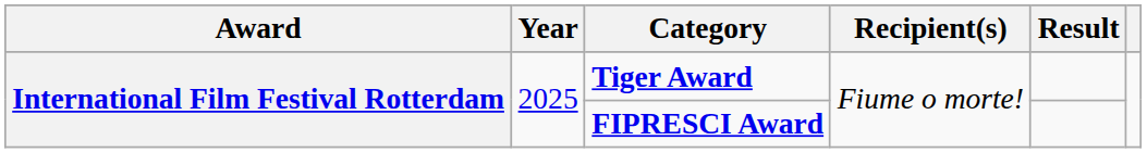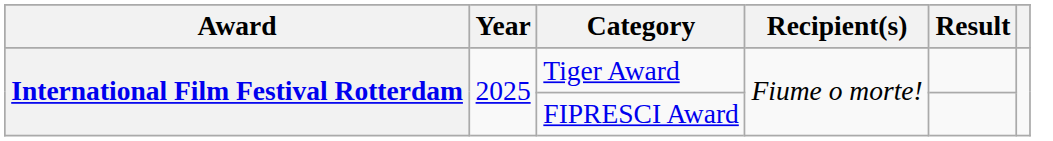 <table class="wikitable plainrowheaders sortable">
 <tr style="background:#ccc; text-align:center;">
 <th scope="col"><strong>Award</strong></th>
 <th scope="col">Year</th>
 <th scope="col">Category</th>
 <th scope="col">Recipient(s)</th>
 <th scope="col">Result</th>
 <th scope="col" class="unsortable"></th>
 </tr>
 <tr>
 <th rowspan="2" scope="row"><a href='#'>International Film Festival Rotterdam</a></th>
 <td rowspan="2"><a href='#'>2025</a></td>
-<td><strong><a href='#'>Tiger Award</a></strong></td>
+<td><a href='#'>Tiger Award</a></td>
 <td rowspan="2"><em>Fiume o morte!</em></td>
 <td></td>
 <td rowspan="2"></td>
 </tr>
 <tr>
-<td><strong><a href='#'>FIPRESCI Award</a></strong></td>
+<td><a href='#'>FIPRESCI Award</a></td>
 <td></td>
 </tr>
 </table>
